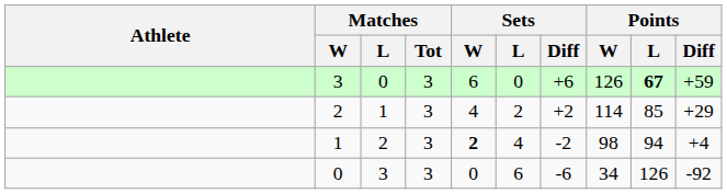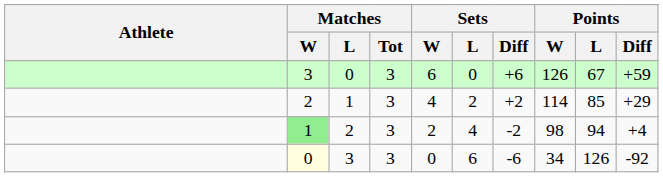 <table class=wikitable style="text-align:center">
 <tr>
 <th rowspan=2 width=250>Athlete</th>
 <th colspan=3 width=90>Matches</th>
 <th colspan=3 width=90>Sets</th>
 <th colspan=3 width=90>Points</th>
 </tr>
 <tr>
 <th width=30>W</th>
 <th width=30>L</th>
 <th width=30>Tot</th>
 <th width=30>W</th>
 <th width=30>L</th>
 <th width=30>Diff</th>
 <th width=30>W</th>
 <th width=30>L</th>
 <th width=30>Diff</th>
 </tr>
 <tr bgcolor=ccffcc>
 <td style="text-align:left"></td>
 <td>3</td>
 <td>0</td>
 <td>3</td>
 <td>6</td>
 <td>0</td>
 <td>+6</td>
 <td>126</td>
-<td><strong>67</strong></td>
+<td>67</td>
 <td>+59</td>
 </tr>
 <tr>
 <td style="text-align:left"></td>
 <td>2</td>
 <td>1</td>
 <td>3</td>
 <td>4</td>
 <td>2</td>
 <td>+2</td>
 <td>114</td>
 <td>85</td>
 <td>+29</td>
 </tr>
 <tr>
 <td style="text-align:left"></td>
-<td>1</td>
+<td style="background: lightgreen;">1</td>
 <td>2</td>
 <td>3</td>
-<td><strong>2</strong></td>
+<td>2</td>
 <td>4</td>
 <td>-2</td>
 <td>98</td>
 <td>94</td>
 <td>+4</td>
 </tr>
 <tr>
 <td style="text-align:left"></td>
-<td>0</td>
+<td style="background: lightyellow;">0</td>
 <td>3</td>
 <td>3</td>
 <td>0</td>
 <td>6</td>
 <td>-6</td>
 <td>34</td>
 <td>126</td>
 <td>-92</td>
 </tr>
 </table>
